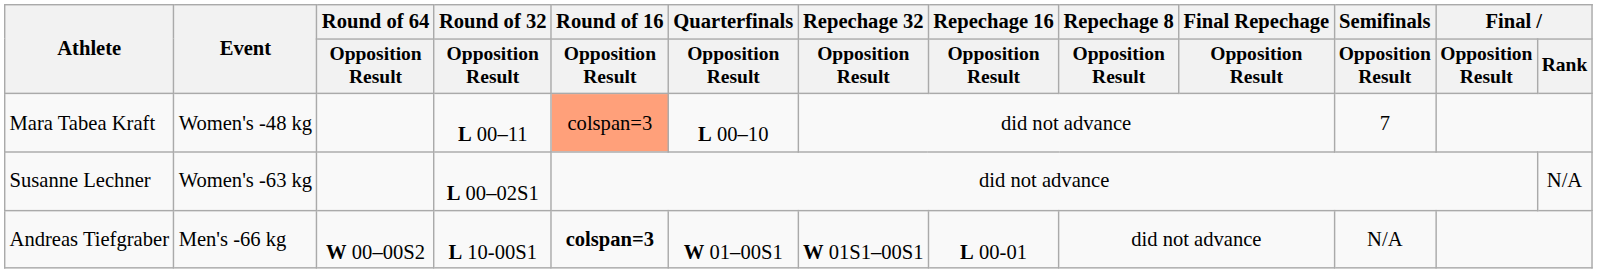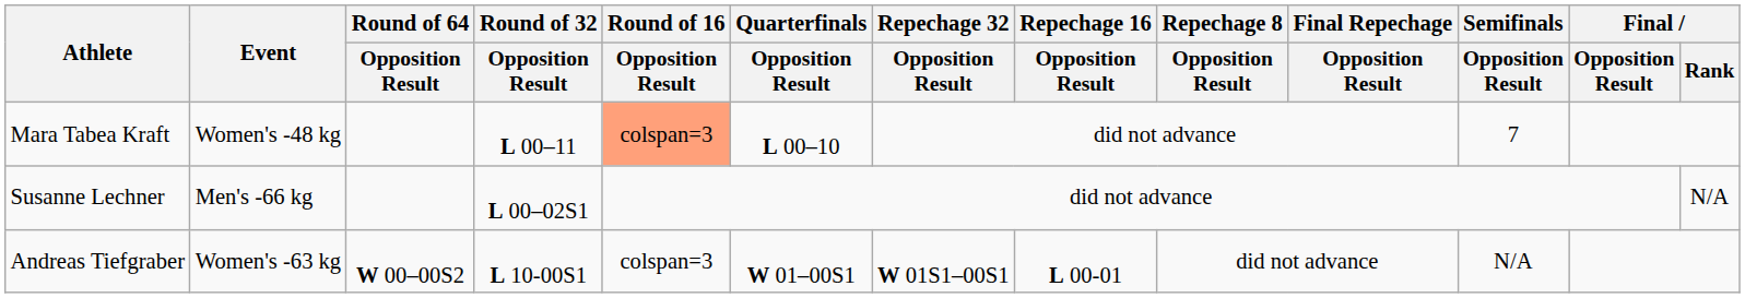 <table class="wikitable" style="font-size:90%">
 <tr>
 <th rowspan="2">Athlete</th>
 <th rowspan="2">Event</th>
 <th>Round of 64</th>
 <th>Round of 32</th>
 <th>Round of 16</th>
 <th>Quarterfinals</th>
 <th>Repechage 32</th>
 <th>Repechage 16</th>
 <th>Repechage 8</th>
 <th>Final Repechage</th>
 <th>Semifinals</th>
 <th colspan=2>Final / </th>
 </tr>
 <tr style="font-size:95%">
 <th>Opposition<br>Result</th>
 <th>Opposition<br>Result</th>
 <th>Opposition<br>Result</th>
 <th>Opposition<br>Result</th>
 <th>Opposition<br>Result</th>
 <th>Opposition<br>Result</th>
 <th>Opposition<br>Result</th>
 <th>Opposition<br>Result</th>
 <th>Opposition<br>Result</th>
 <th>Opposition<br>Result</th>
 <th>Rank</th>
 </tr>
 <tr align=center>
 <td align=left>Mara Tabea Kraft</td>
 <td align=left>Women's -48 kg</td>
 <td></td>
 <td><br><strong>L</strong> 00–11</td>
 <td style="background: lightsalmon;">colspan=3 </td>
 <td><br><strong>L</strong> 00–10</td>
 <td colspan=4>did not advance</td>
 <td>7</td>
 </tr>
 <tr align=center>
 <td align=left>Susanne Lechner</td>
-<td align=left>Women's -63 kg</td>
+<td align=left>Men's -66 kg</td>
 <td></td>
 <td><br><strong>L</strong> 00–02S1</td>
 <td colspan=8>did not advance</td>
 <td>N/A</td>
 </tr>
 <tr align=center>
 <td align=left>Andreas Tiefgraber</td>
-<td align=left>Men's -66 kg</td>
+<td align=left>Women's -63 kg</td>
 <td><br><strong>W</strong> 00–00S2</td>
 <td><br><strong>L</strong> 10-00S1</td>
-<td><strong>colspan=3 </strong></td>
+<td>colspan=3 </td>
 <td><br><strong>W</strong> 01–00S1</td>
 <td><br><strong>W</strong> 01S1–00S1</td>
 <td><br><strong>L</strong> 00-01</td>
 <td colspan=2>did not advance</td>
 <td>N/A</td>
 </tr>
 </table>
